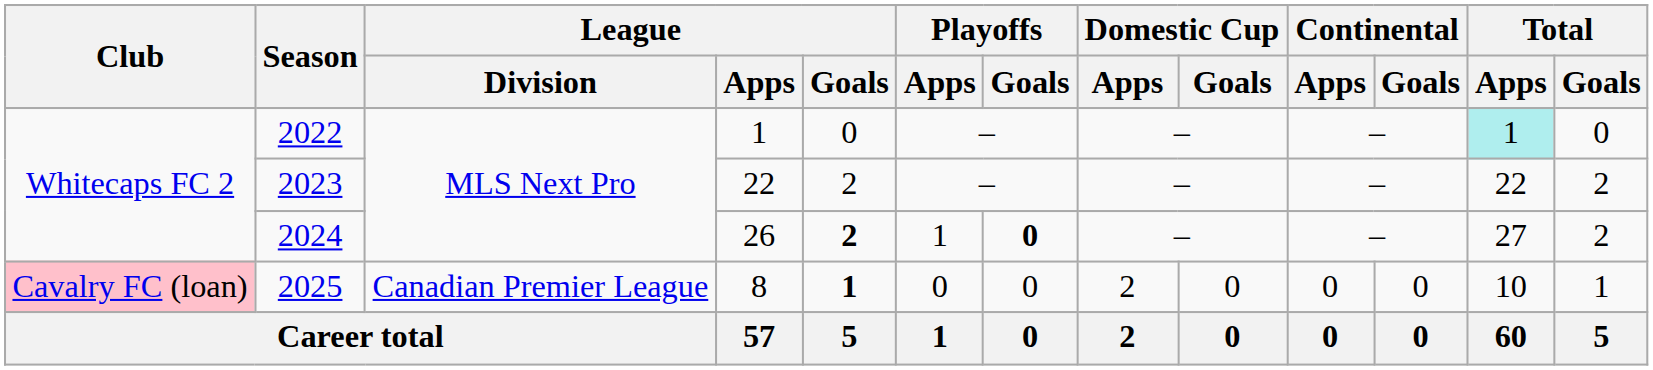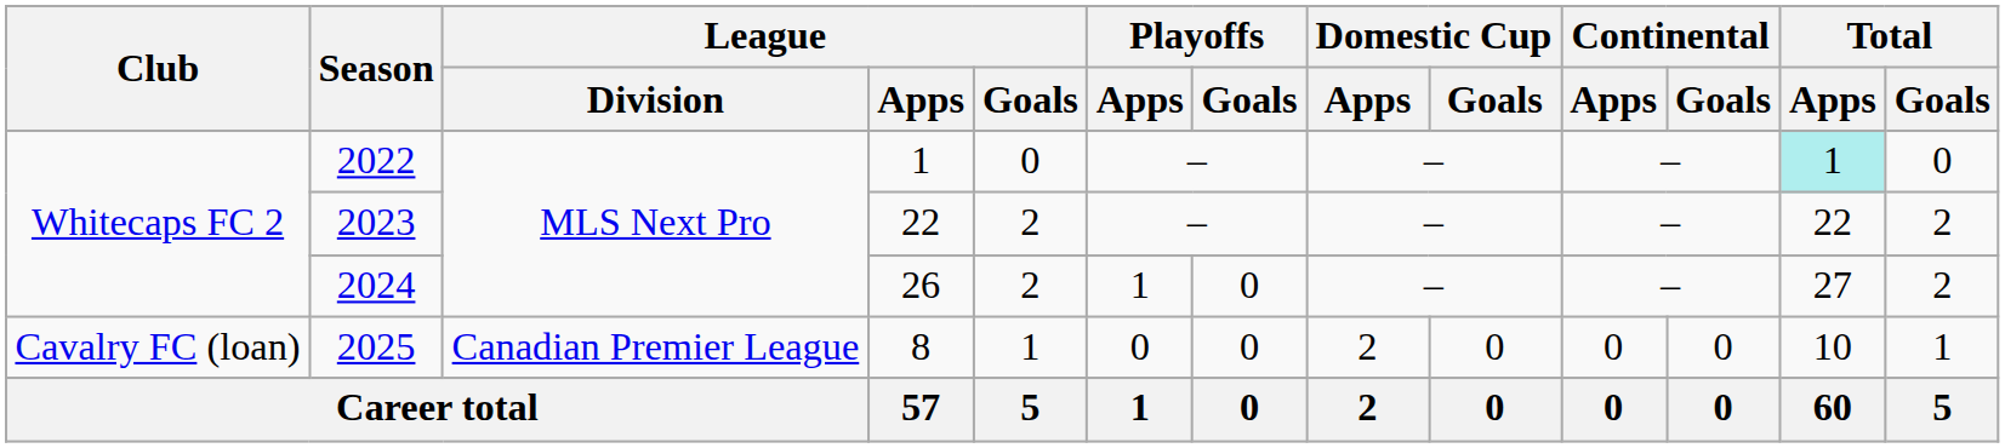 <table class="wikitable" style="text-align: center">
 <tr>
 <th rowspan="2">Club</th>
 <th rowspan="2">Season</th>
 <th colspan="3">League</th>
 <th colspan="2">Playoffs</th>
 <th colspan="2">Domestic Cup</th>
 <th colspan="2">Continental</th>
 <th colspan="2">Total</th>
 </tr>
 <tr>
 <th>Division</th>
 <th>Apps</th>
 <th>Goals</th>
 <th>Apps</th>
 <th>Goals</th>
 <th>Apps</th>
 <th>Goals</th>
 <th>Apps</th>
 <th>Goals</th>
 <th>Apps</th>
 <th>Goals</th>
 </tr>
 <tr>
 <td rowspan=3><a href='#'>Whitecaps FC 2</a></td>
 <td><a href='#'>2022</a></td>
 <td rowspan=3><a href='#'>MLS Next Pro</a></td>
 <td>1</td>
 <td>0</td>
 <td colspan="2">–</td>
 <td colspan="2">–</td>
 <td colspan="2">–</td>
 <td style="background: paleturquoise;">1</td>
 <td>0</td>
 </tr>
 <tr>
 <td><a href='#'>2023</a></td>
 <td>22</td>
 <td>2</td>
 <td colspan="2">–</td>
 <td colspan="2">–</td>
 <td colspan="2">–</td>
 <td>22</td>
 <td>2</td>
 </tr>
 <tr>
 <td><a href='#'>2024</a></td>
 <td>26</td>
-<td><strong>2</strong></td>
+<td>2</td>
 <td>1</td>
-<td><strong>0</strong></td>
+<td>0</td>
 <td colspan="2">–</td>
 <td colspan="2">–</td>
 <td>27</td>
 <td>2</td>
 </tr>
 <tr>
-<td style="background: pink;"><a href='#'>Cavalry FC</a> (loan)</td>
+<td><a href='#'>Cavalry FC</a> (loan)</td>
 <td><a href='#'>2025</a></td>
 <td><a href='#'>Canadian Premier League</a></td>
 <td>8</td>
-<td><strong>1</strong></td>
+<td>1</td>
 <td>0</td>
 <td>0</td>
 <td>2</td>
 <td>0</td>
 <td>0</td>
 <td>0</td>
 <td>10</td>
 <td>1</td>
 </tr>
 <tr>
 <th colspan="3"><strong>Career total</strong></th>
 <th>57</th>
 <th>5</th>
 <th>1</th>
 <th>0</th>
 <th>2</th>
 <th>0</th>
 <th>0</th>
 <th>0</th>
 <th>60</th>
 <th>5</th>
 </tr>
 </table>
